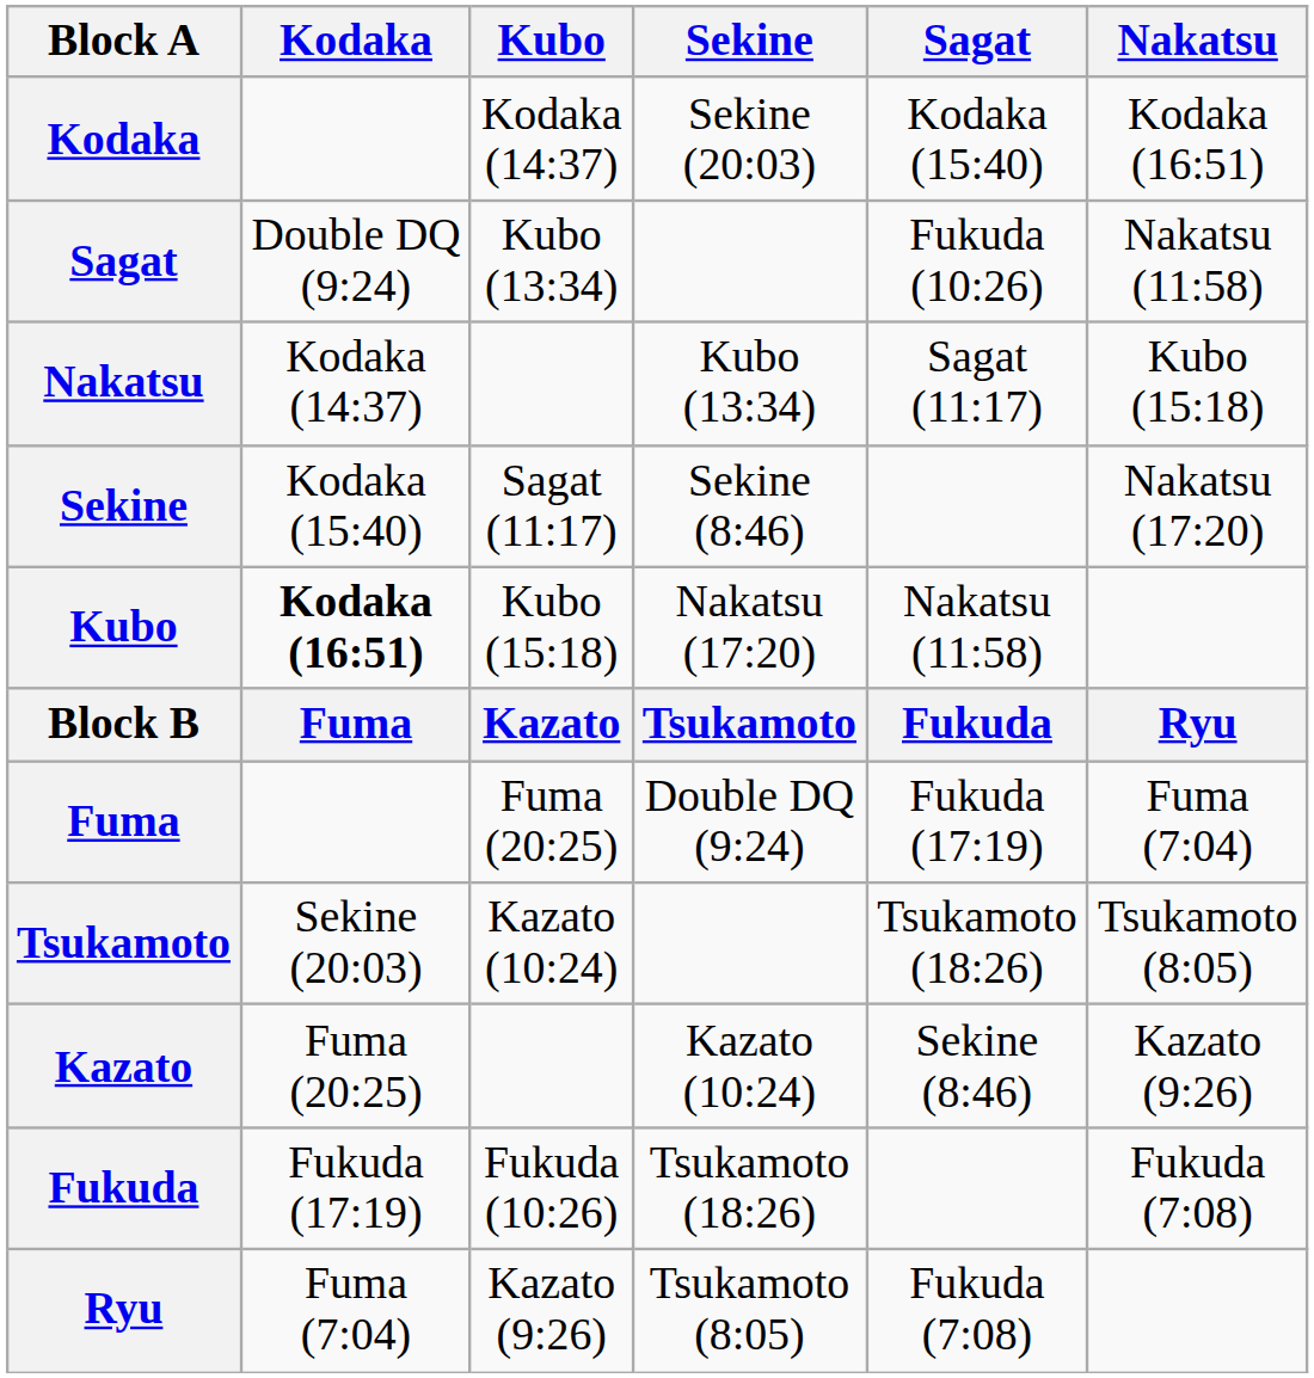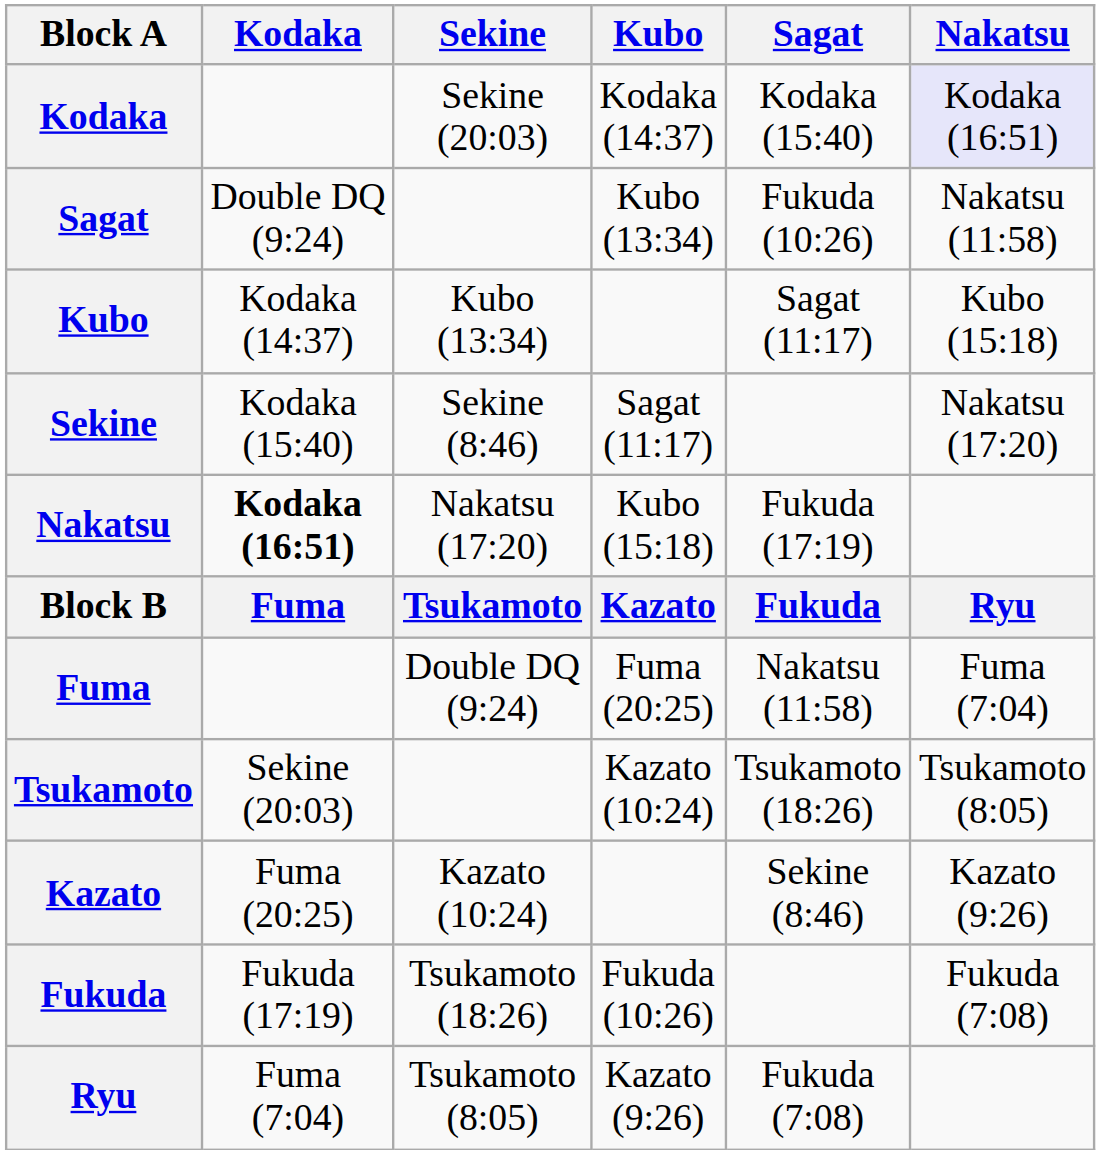 <table class="wikitable" style="margin: 1em auto 1em auto">
 <tr align="center">
 <th>Block A</th>
 <th><a href='#'>Kodaka</a></th>
+<th><a href='#'>Sekine</a></th>
 <th><a href='#'>Kubo</a></th>
-<th><a href='#'>Sekine</a></th>
 <th><a href='#'>Sagat</a></th>
 <th><a href='#'>Nakatsu</a></th>
 </tr>
 <tr align="center">
 <th><a href='#'>Kodaka</a></th>
 <td></td>
+<td>Sekine<br>(20:03)</td>
 <td>Kodaka<br>(14:37)</td>
-<td>Sekine<br>(20:03)</td>
 <td>Kodaka<br>(15:40)</td>
-<td>Kodaka<br>(16:51)</td>
+<td style="background: lavender;">Kodaka<br>(16:51)</td>
 </tr>
 <tr align="center">
 <th><a href='#'>Sagat</a></th>
 <td>Double DQ<br>(9:24)</td>
+<td></td>
 <td>Kubo<br>(13:34)</td>
-<td></td>
 <td>Fukuda<br>(10:26)</td>
 <td>Nakatsu<br>(11:58)</td>
 </tr>
 <tr align="center"ba>
-<th><a href='#'>Nakatsu</a></th>
+<th><a href='#'>Kubo</a></th>
 <td>Kodaka<br>(14:37)</td>
+<td>Kubo<br>(13:34)</td>
 <td></td>
-<td>Kubo<br>(13:34)</td>
 <td>Sagat<br>(11:17)</td>
 <td>Kubo<br>(15:18)</td>
 </tr>
 <tr align="center">
 <th><a href='#'>Sekine</a></th>
 <td>Kodaka<br>(15:40)</td>
+<td>Sekine<br>(8:46)</td>
 <td>Sagat<br>(11:17)</td>
-<td>Sekine<br>(8:46)</td>
 <td></td>
 <td>Nakatsu<br>(17:20)</td>
 </tr>
 <tr align="center">
-<th><a href='#'>Kubo</a></th>
+<th><a href='#'>Nakatsu</a></th>
 <td><strong>Kodaka<br>(16:51)</strong></td>
+<td>Nakatsu<br>(17:20)</td>
 <td>Kubo<br>(15:18)</td>
-<td>Nakatsu<br>(17:20)</td>
-<td>Nakatsu<br>(11:58)</td>
+<td>Fukuda<br>(17:19)</td>
 <td></td>
 </tr>
 <tr align="center">
 <th>Block B</th>
 <th><a href='#'>Fuma</a></th>
+<th><a href='#'>Tsukamoto</a></th>
 <th><a href='#'>Kazato</a></th>
-<th><a href='#'>Tsukamoto</a></th>
 <th><a href='#'>Fukuda</a></th>
 <th><a href='#'>Ryu</a></th>
 </tr>
 <tr align="center">
 <th><a href='#'>Fuma</a></th>
 <td></td>
+<td>Double DQ<br>(9:24)</td>
 <td>Fuma<br>(20:25)</td>
-<td>Double DQ<br>(9:24)</td>
-<td>Fukuda<br>(17:19)</td>
+<td>Nakatsu<br>(11:58)</td>
 <td>Fuma<br>(7:04)</td>
 </tr>
 <tr align="center">
 <th><a href='#'>Tsukamoto</a></th>
 <td>Sekine<br>(20:03)</td>
+<td></td>
 <td>Kazato<br>(10:24)</td>
-<td></td>
 <td>Tsukamoto<br>(18:26)</td>
 <td>Tsukamoto<br>(8:05)</td>
 </tr>
 <tr align="center">
 <th><a href='#'>Kazato</a></th>
 <td>Fuma<br>(20:25)</td>
+<td>Kazato<br>(10:24)</td>
 <td></td>
-<td>Kazato<br>(10:24)</td>
 <td>Sekine<br>(8:46)</td>
 <td>Kazato<br>(9:26)</td>
 </tr>
 <tr align="center">
 <th><a href='#'>Fukuda</a></th>
 <td>Fukuda<br>(17:19)</td>
+<td>Tsukamoto<br>(18:26)</td>
 <td>Fukuda<br>(10:26)</td>
-<td>Tsukamoto<br>(18:26)</td>
 <td></td>
 <td>Fukuda<br>(7:08)</td>
 </tr>
 <tr align="center">
 <th><a href='#'>Ryu</a></th>
 <td>Fuma<br>(7:04)</td>
+<td>Tsukamoto<br>(8:05)</td>
 <td>Kazato<br>(9:26)</td>
-<td>Tsukamoto<br>(8:05)</td>
 <td>Fukuda<br>(7:08)</td>
 <td></td>
 </tr>
 </table>
